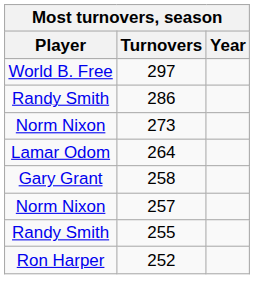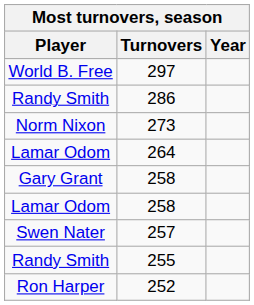 <table class="wikitable sortable" style="text-align:center">
 <tr>
 <th colspan="3">Most turnovers, season</th>
 </tr>
 <tr>
 <th>Player</th>
 <th>Turnovers</th>
 <th>Year</th>
 </tr>
 <tr>
 <td><a href='#'>World B. Free</a></td>
 <td>297</td>
 <td></td>
 </tr>
 <tr>
 <td><a href='#'>Randy Smith</a></td>
 <td>286</td>
 <td></td>
 </tr>
 <tr>
 <td><a href='#'>Norm Nixon</a></td>
 <td>273</td>
 <td></td>
 </tr>
 <tr>
 <td><a href='#'>Lamar Odom</a></td>
 <td>264</td>
 <td></td>
 </tr>
 <tr>
 <td><a href='#'>Gary Grant</a></td>
 <td>258</td>
 <td></td>
 </tr>
 <tr>
-<td><a href='#'>Norm Nixon</a></td>
+<td><a href='#'>Lamar Odom</a></td>
+<td>258</td>
+<td></td>
+</tr>
+<tr>
+<td><a href='#'>Swen Nater</a></td>
 <td>257</td>
 <td></td>
 </tr>
 <tr>
 <td><a href='#'>Randy Smith</a></td>
 <td>255</td>
 <td></td>
 </tr>
 <tr>
 <td><a href='#'>Ron Harper</a></td>
 <td>252</td>
 <td></td>
 </tr>
 </table>
